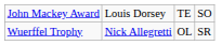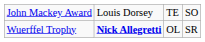 <table class="wikitable">
 <tr>
 <td><a href='#'>John Mackey Award</a></td>
 <td>Louis Dorsey</td>
 <td>TE</td>
 <td>SO</td>
 </tr>
 <tr>
 <td><a href='#'>Wuerffel Trophy</a></td>
-<td><a href='#'>Nick Allegretti</a></td>
+<td><strong><a href='#'>Nick Allegretti</a></strong></td>
 <td>OL</td>
 <td>SR</td>
 </tr>
 </table>
